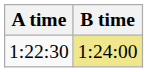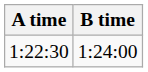 <table class="wikitable" border="1" align="upright">
 <tr>
 <th>A time</th>
 <th>B time</th>
 </tr>
 <tr>
 <td>1:22:30</td>
-<td style="background: khaki;">1:24:00</td>
+<td>1:24:00</td>
 </tr>
 </table>
